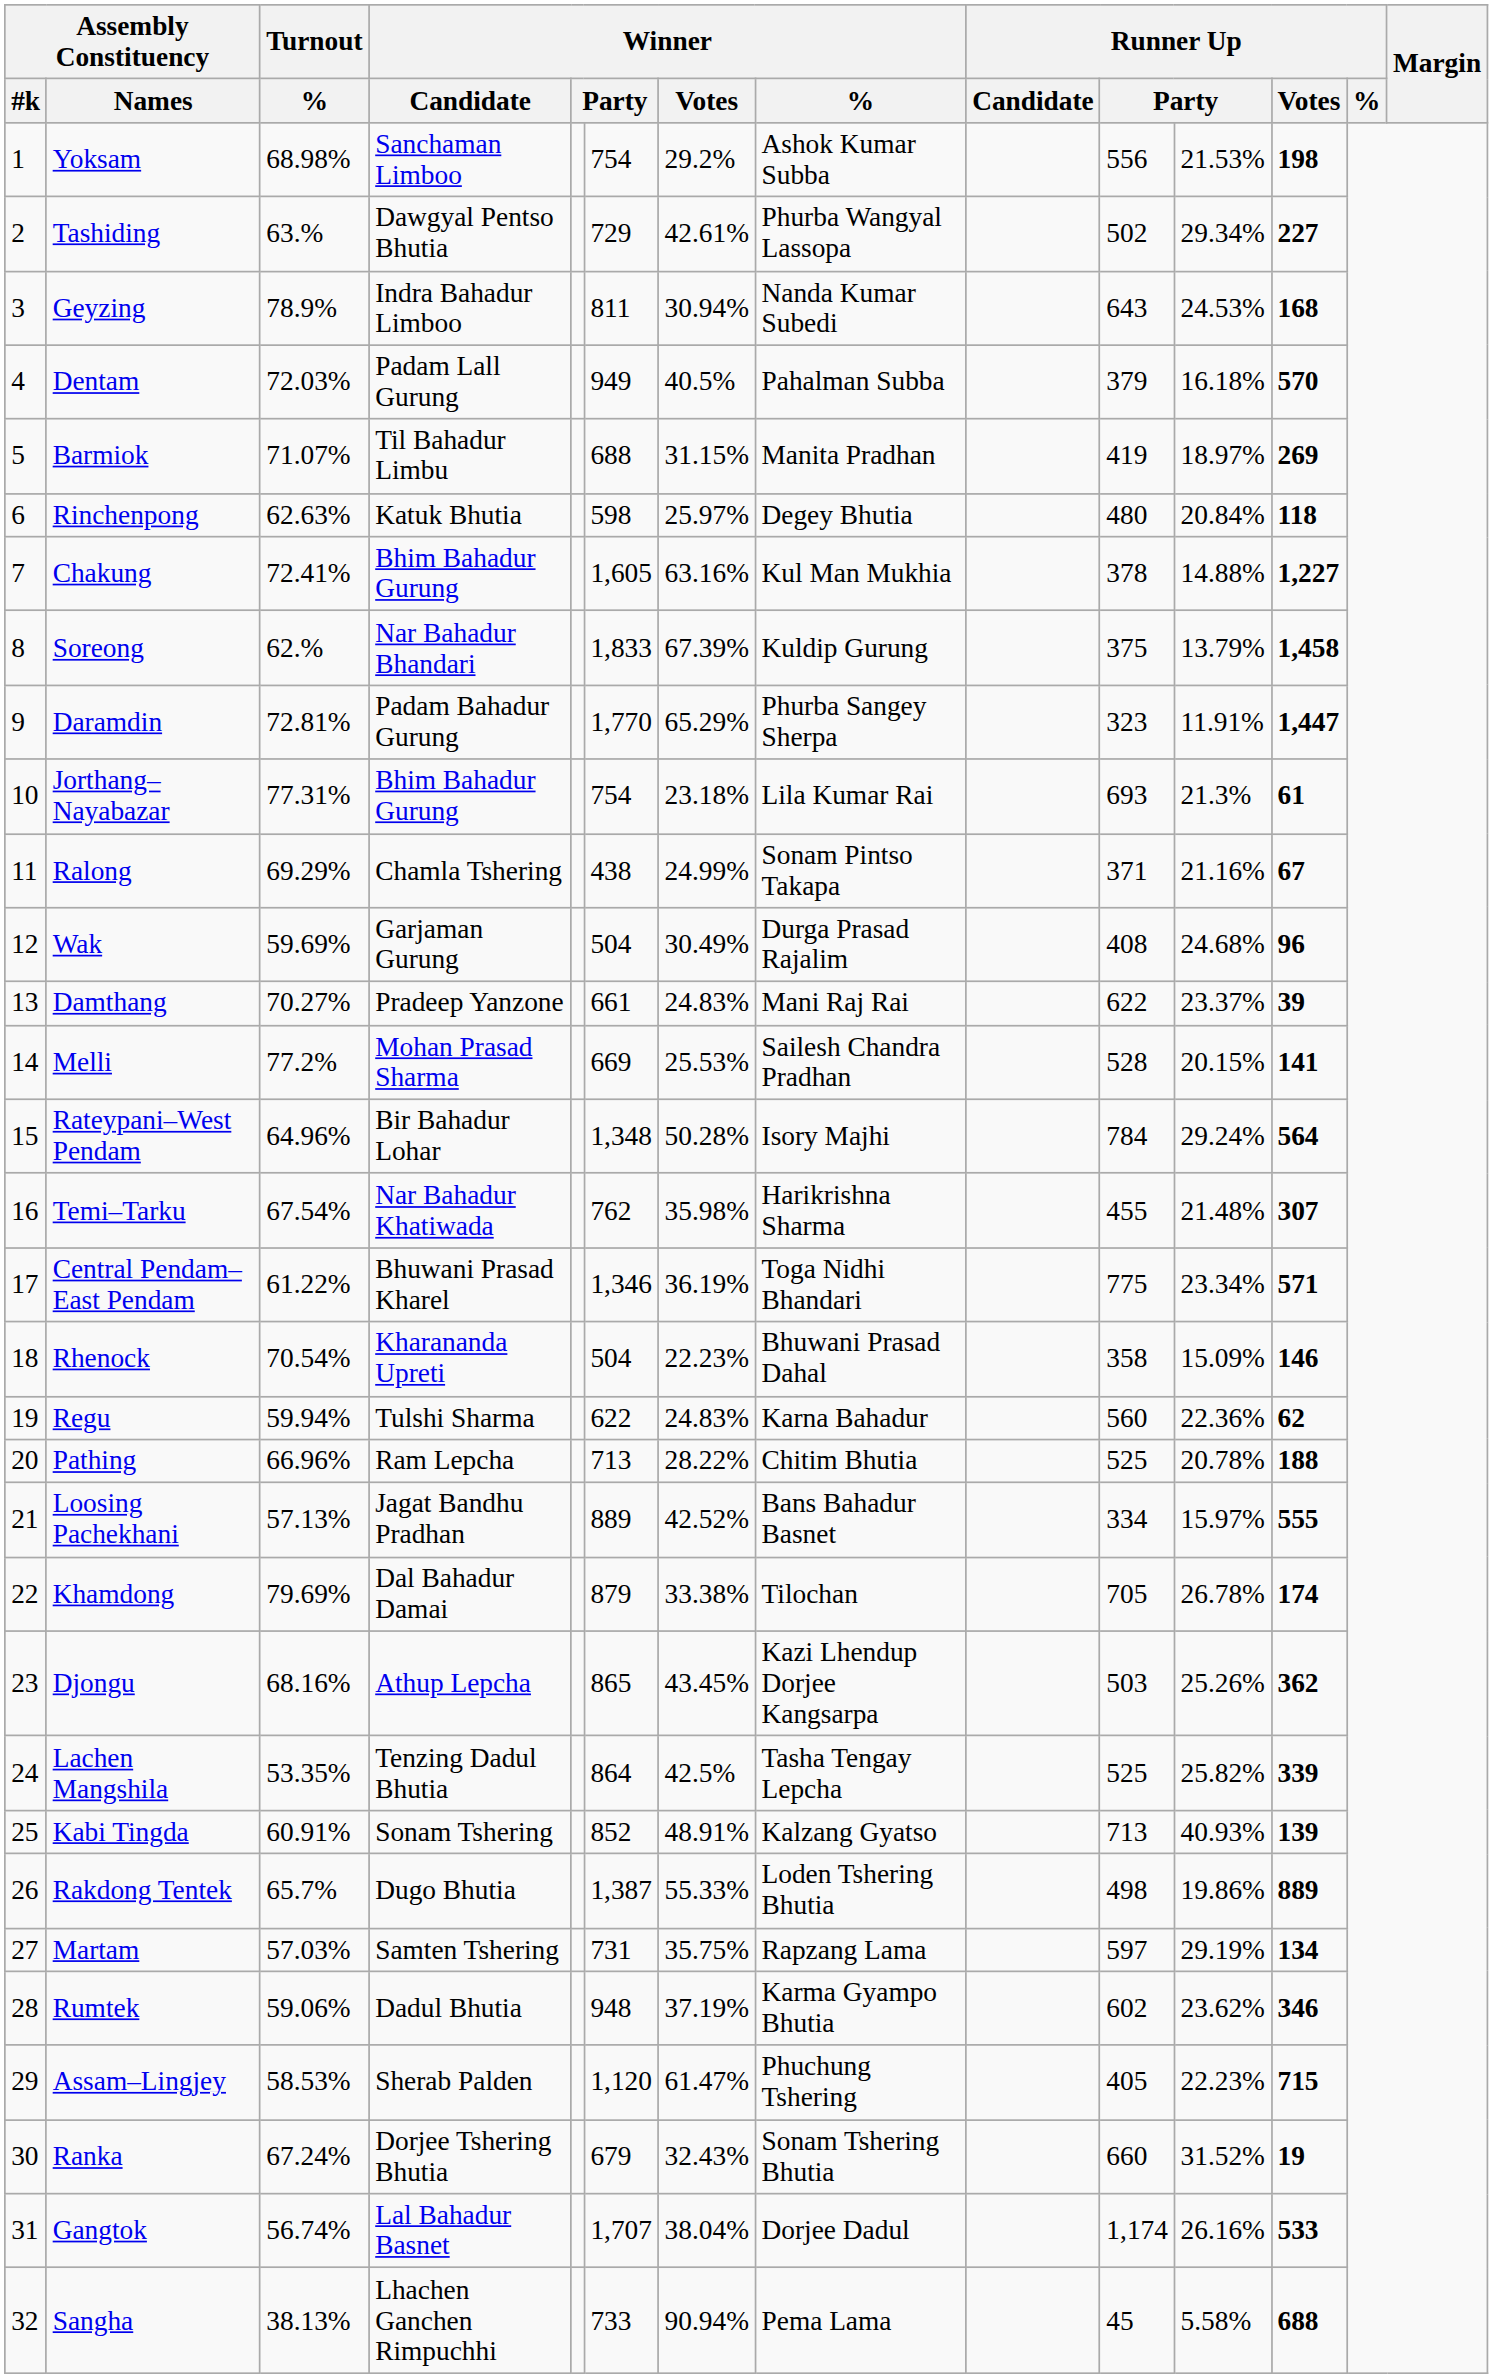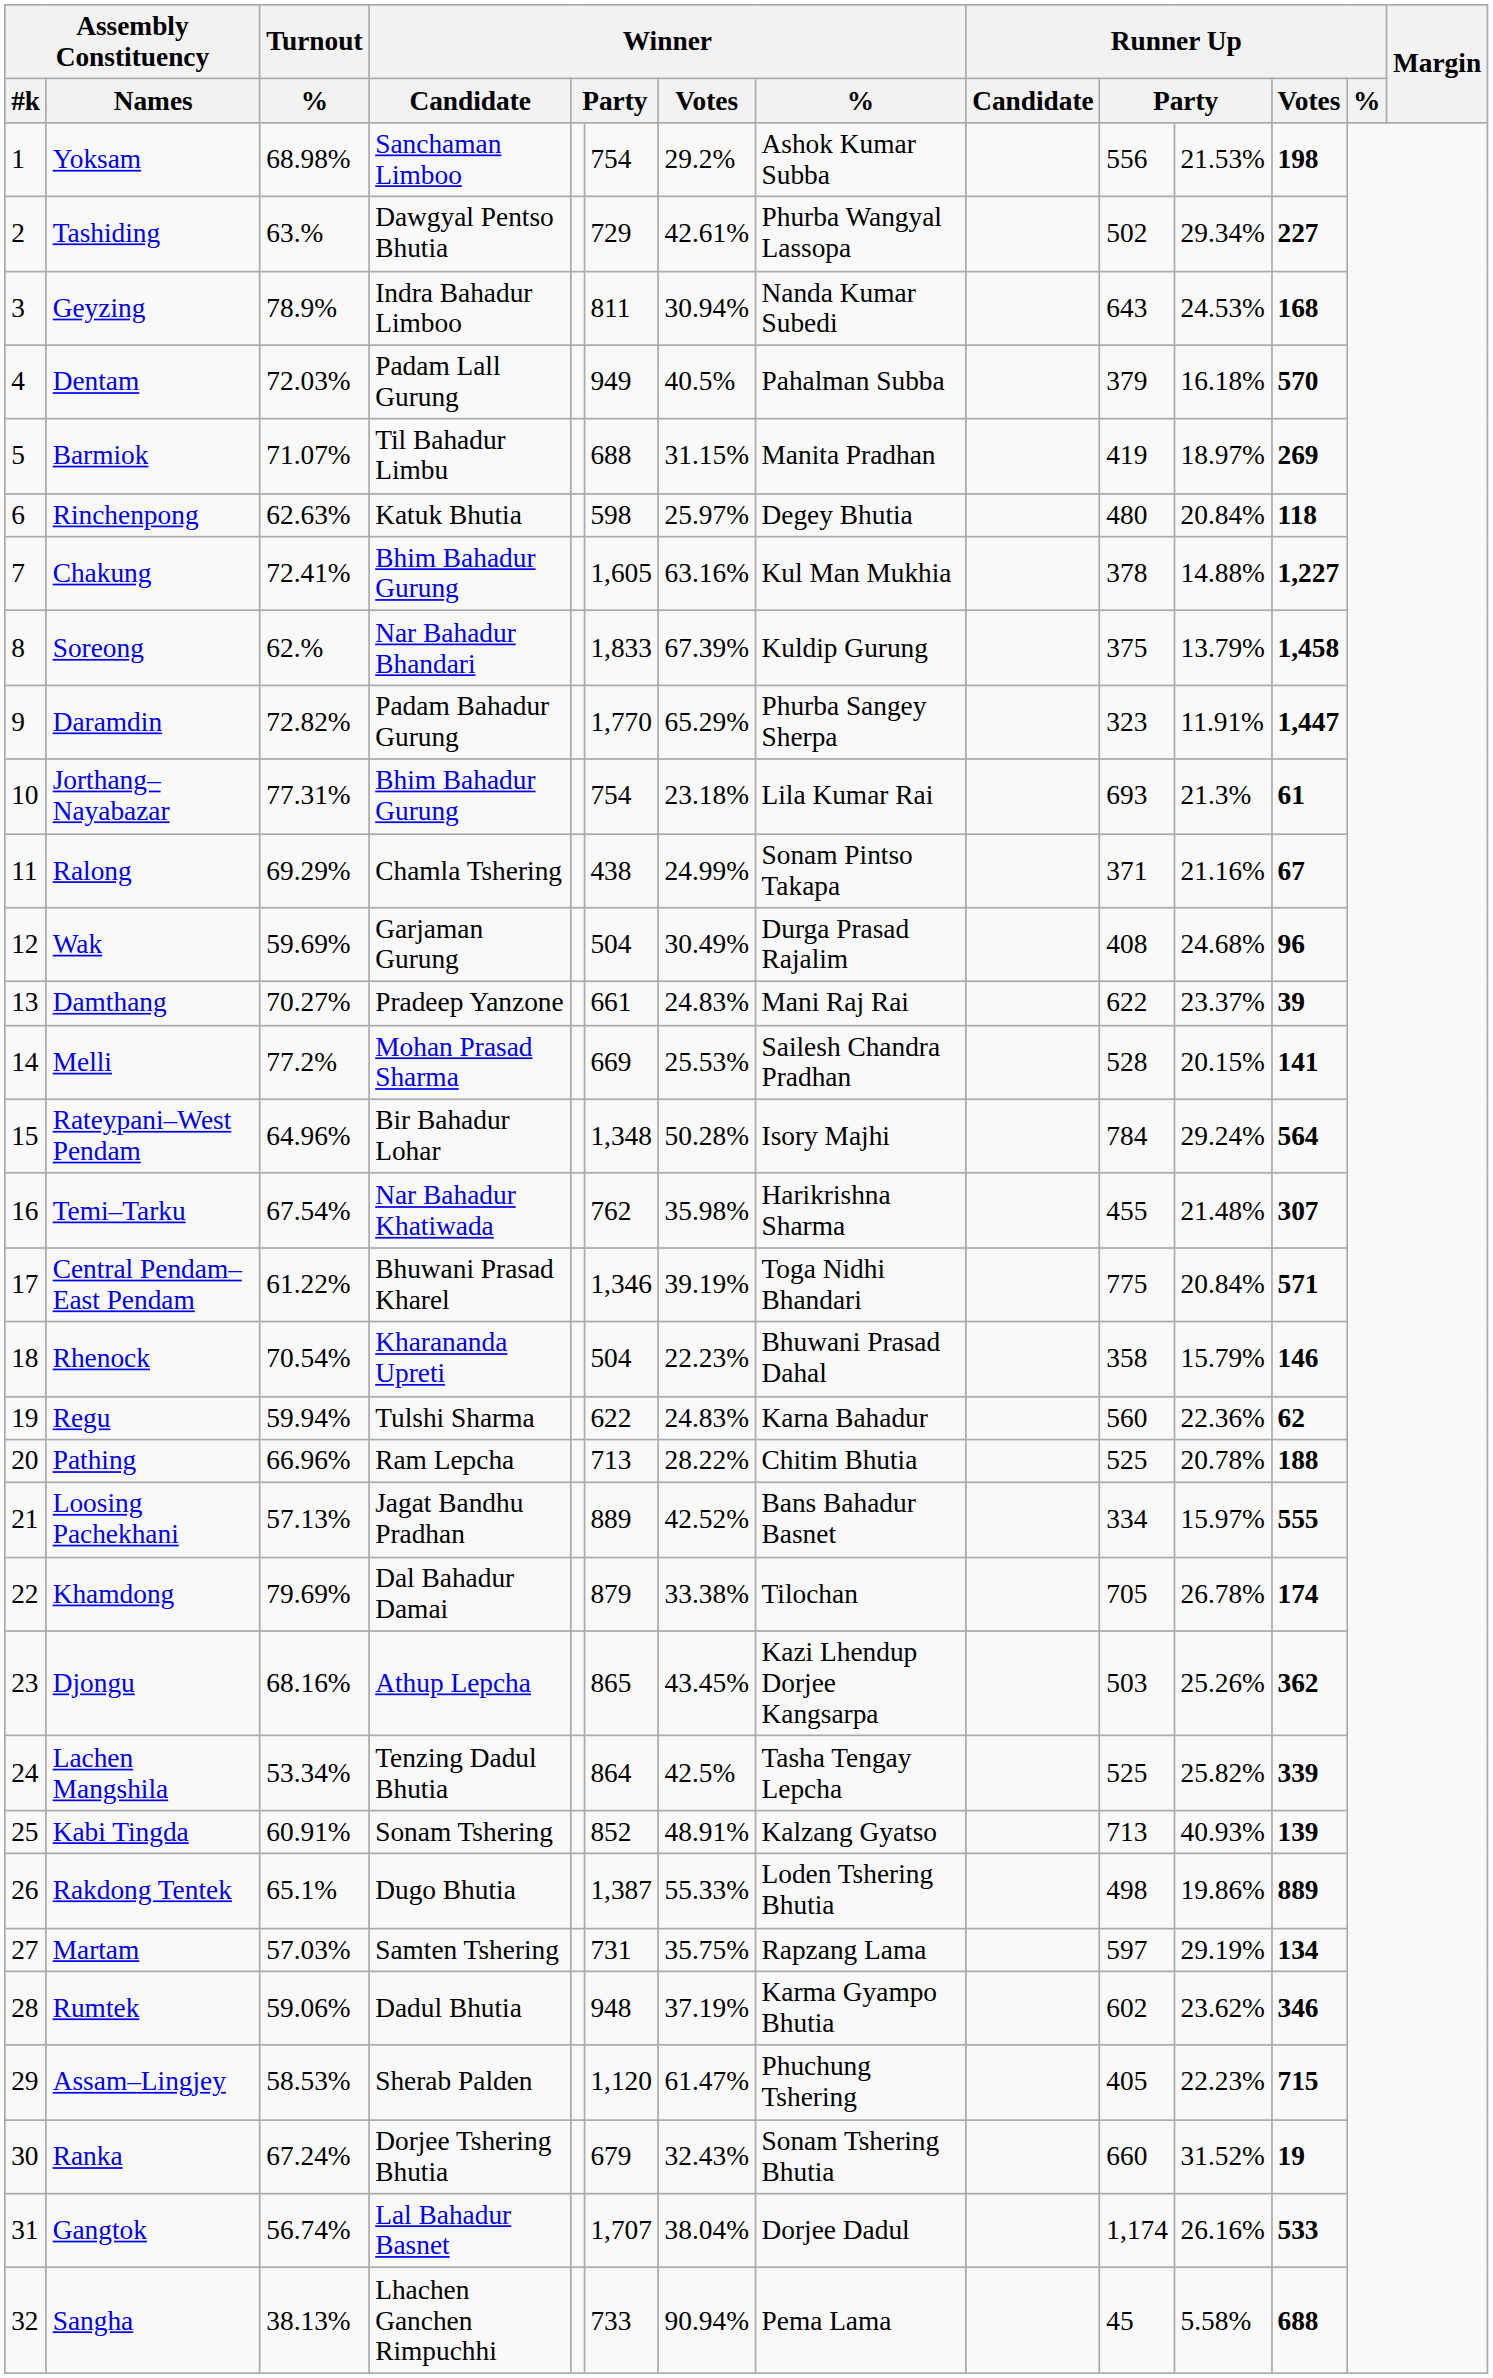 <table class="wikitable sortable">
 <tr>
 <th colspan="2">Assembly Constituency</th>
 <th>Turnout</th>
 <th colspan="5">Winner</th>
 <th colspan="5">Runner Up</th>
 <th rowspan="2" data-sort-type=number>Margin</th>
 </tr>
 <tr>
 <th>#k</th>
 <th>Names</th>
 <th>%</th>
 <th>Candidate</th>
 <th colspan="2">Party</th>
 <th data-sort-type=number>Votes</th>
 <th>%</th>
 <th>Candidate</th>
 <th colspan="2">Party</th>
 <th data-sort-type=number>Votes</th>
 <th>%</th>
 </tr>
 <tr>
 <td>1</td>
 <td><a href='#'>Yoksam</a></td>
 <td>68.98%</td>
 <td><a href='#'>Sanchaman Limboo</a></td>
 <td></td>
 <td>754</td>
 <td>29.2%</td>
 <td>Ashok Kumar Subba</td>
 <td></td>
 <td>556</td>
 <td>21.53%</td>
 <td style="background:"><span><strong>198</strong></span></td>
 </tr>
 <tr>
 <td>2</td>
 <td><a href='#'>Tashiding</a></td>
 <td>63.%</td>
 <td>Dawgyal Pentso Bhutia</td>
 <td></td>
 <td>729</td>
 <td>42.61%</td>
 <td>Phurba Wangyal Lassopa</td>
 <td></td>
 <td>502</td>
 <td>29.34%</td>
 <td style="background:"><span><strong>227</strong></span></td>
 </tr>
 <tr>
 <td>3</td>
 <td><a href='#'>Geyzing</a></td>
 <td>78.9%</td>
 <td>Indra Bahadur Limboo</td>
 <td></td>
 <td>811</td>
 <td>30.94%</td>
 <td>Nanda Kumar Subedi</td>
 <td></td>
 <td>643</td>
 <td>24.53%</td>
 <td style="background:"><span><strong>168</strong></span></td>
 </tr>
 <tr>
 <td>4</td>
 <td><a href='#'>Dentam</a></td>
 <td>72.03%</td>
 <td>Padam Lall Gurung</td>
 <td></td>
 <td>949</td>
 <td>40.5%</td>
 <td>Pahalman Subba</td>
 <td></td>
 <td>379</td>
 <td>16.18%</td>
 <td style="background:"><span><strong>570</strong></span></td>
 </tr>
 <tr>
 <td>5</td>
 <td><a href='#'>Barmiok</a></td>
 <td>71.07%</td>
 <td>Til Bahadur Limbu</td>
 <td></td>
 <td>688</td>
 <td>31.15%</td>
 <td>Manita Pradhan</td>
 <td></td>
 <td>419</td>
 <td>18.97%</td>
 <td style="background:"><span><strong>269</strong></span></td>
 </tr>
 <tr>
 <td>6</td>
 <td><a href='#'>Rinchenpong</a></td>
 <td>62.63%</td>
 <td>Katuk Bhutia</td>
 <td></td>
 <td>598</td>
 <td>25.97%</td>
 <td>Degey Bhutia</td>
 <td></td>
 <td>480</td>
 <td>20.84%</td>
 <td style="background:"><span><strong>118</strong></span></td>
 </tr>
 <tr>
 <td>7</td>
 <td><a href='#'>Chakung</a></td>
 <td>72.41%</td>
 <td><a href='#'>Bhim Bahadur Gurung</a></td>
 <td></td>
 <td>1,605</td>
 <td>63.16%</td>
 <td>Kul Man Mukhia</td>
 <td></td>
 <td>378</td>
 <td>14.88%</td>
 <td style="background:"><span><strong>1,227</strong></span></td>
 </tr>
 <tr>
 <td>8</td>
 <td><a href='#'>Soreong</a></td>
 <td>62.%</td>
 <td><a href='#'>Nar Bahadur Bhandari</a></td>
 <td></td>
 <td>1,833</td>
 <td>67.39%</td>
 <td>Kuldip Gurung</td>
 <td></td>
 <td>375</td>
 <td>13.79%</td>
 <td style="background:"><span><strong>1,458</strong></span></td>
 </tr>
 <tr>
 <td>9</td>
 <td><a href='#'>Daramdin</a></td>
-<td>72.81%</td>
+<td>72.82%</td>
 <td>Padam Bahadur Gurung</td>
 <td></td>
 <td>1,770</td>
 <td>65.29%</td>
 <td>Phurba Sangey Sherpa</td>
 <td></td>
 <td>323</td>
 <td>11.91%</td>
 <td style="background:"><span><strong>1,447</strong></span></td>
 </tr>
 <tr>
 <td>10</td>
 <td><a href='#'>Jorthang–Nayabazar</a></td>
 <td>77.31%</td>
 <td><a href='#'>Bhim Bahadur Gurung</a></td>
 <td></td>
 <td>754</td>
 <td>23.18%</td>
 <td>Lila Kumar Rai</td>
 <td></td>
 <td>693</td>
 <td>21.3%</td>
 <td style="background:"><span><strong>61</strong></span></td>
 </tr>
 <tr>
 <td>11</td>
 <td><a href='#'>Ralong</a></td>
 <td>69.29%</td>
 <td>Chamla Tshering</td>
 <td></td>
 <td>438</td>
 <td>24.99%</td>
 <td>Sonam Pintso Takapa</td>
 <td></td>
 <td>371</td>
 <td>21.16%</td>
 <td style="background:"><span><strong>67</strong></span></td>
 </tr>
 <tr>
 <td>12</td>
 <td><a href='#'>Wak</a></td>
 <td>59.69%</td>
 <td>Garjaman Gurung</td>
 <td></td>
 <td>504</td>
 <td>30.49%</td>
 <td>Durga Prasad Rajalim</td>
 <td></td>
 <td>408</td>
 <td>24.68%</td>
 <td style="background:"><span><strong>96</strong></span></td>
 </tr>
 <tr>
 <td>13</td>
 <td><a href='#'>Damthang</a></td>
 <td>70.27%</td>
 <td>Pradeep Yanzone</td>
 <td></td>
 <td>661</td>
 <td>24.83%</td>
 <td>Mani Raj Rai</td>
 <td></td>
 <td>622</td>
 <td>23.37%</td>
 <td style="background:"><span><strong>39</strong></span></td>
 </tr>
 <tr>
 <td>14</td>
 <td><a href='#'>Melli</a></td>
 <td>77.2%</td>
 <td><a href='#'>Mohan Prasad Sharma</a></td>
 <td></td>
 <td>669</td>
 <td>25.53%</td>
 <td>Sailesh Chandra Pradhan</td>
 <td></td>
 <td>528</td>
 <td>20.15%</td>
 <td style="background:"><span><strong>141</strong></span></td>
 </tr>
 <tr>
 <td>15</td>
 <td><a href='#'>Rateypani–West Pendam</a></td>
 <td>64.96%</td>
 <td>Bir Bahadur Lohar</td>
 <td></td>
 <td>1,348</td>
 <td>50.28%</td>
 <td>Isory Majhi</td>
 <td></td>
 <td>784</td>
 <td>29.24%</td>
 <td style="background:"><span><strong>564</strong></span></td>
 </tr>
 <tr>
 <td>16</td>
 <td><a href='#'>Temi–Tarku</a></td>
 <td>67.54%</td>
 <td><a href='#'>Nar Bahadur Khatiwada</a></td>
 <td></td>
 <td>762</td>
 <td>35.98%</td>
 <td>Harikrishna Sharma</td>
 <td></td>
 <td>455</td>
 <td>21.48%</td>
 <td style="background:"><span><strong>307</strong></span></td>
 </tr>
 <tr>
 <td>17</td>
 <td><a href='#'>Central Pendam–East Pendam</a></td>
 <td>61.22%</td>
 <td>Bhuwani Prasad Kharel</td>
 <td></td>
 <td>1,346</td>
-<td>36.19%</td>
+<td>39.19%</td>
 <td>Toga Nidhi Bhandari</td>
 <td></td>
 <td>775</td>
-<td>23.34%</td>
+<td>20.84%</td>
 <td style="background:"><span><strong>571</strong></span></td>
 </tr>
 <tr>
 <td>18</td>
 <td><a href='#'>Rhenock</a></td>
 <td>70.54%</td>
 <td><a href='#'>Kharananda Upreti</a></td>
 <td></td>
 <td>504</td>
 <td>22.23%</td>
 <td>Bhuwani Prasad Dahal</td>
 <td></td>
 <td>358</td>
-<td>15.09%</td>
+<td>15.79%</td>
 <td style="background:"><span><strong>146</strong></span></td>
 </tr>
 <tr>
 <td>19</td>
 <td><a href='#'>Regu</a></td>
 <td>59.94%</td>
 <td>Tulshi Sharma</td>
 <td></td>
 <td>622</td>
 <td>24.83%</td>
 <td>Karna Bahadur</td>
 <td></td>
 <td>560</td>
 <td>22.36%</td>
 <td style="background:"><span><strong>62</strong></span></td>
 </tr>
 <tr>
 <td>20</td>
 <td><a href='#'>Pathing</a></td>
 <td>66.96%</td>
 <td>Ram Lepcha</td>
 <td></td>
 <td>713</td>
 <td>28.22%</td>
 <td>Chitim Bhutia</td>
 <td></td>
 <td>525</td>
 <td>20.78%</td>
 <td style="background:"><span><strong>188</strong></span></td>
 </tr>
 <tr>
 <td>21</td>
 <td><a href='#'>Loosing Pachekhani</a></td>
 <td>57.13%</td>
 <td>Jagat Bandhu Pradhan</td>
 <td></td>
 <td>889</td>
 <td>42.52%</td>
 <td>Bans Bahadur Basnet</td>
 <td></td>
 <td>334</td>
 <td>15.97%</td>
 <td style="background:"><span><strong>555</strong></span></td>
 </tr>
 <tr>
 <td>22</td>
 <td><a href='#'>Khamdong</a></td>
 <td>79.69%</td>
 <td>Dal Bahadur Damai</td>
 <td></td>
 <td>879</td>
 <td>33.38%</td>
 <td>Tilochan</td>
 <td></td>
 <td>705</td>
 <td>26.78%</td>
 <td style="background:"><span><strong>174</strong></span></td>
 </tr>
 <tr>
 <td>23</td>
 <td><a href='#'>Djongu</a></td>
 <td>68.16%</td>
 <td><a href='#'>Athup Lepcha</a></td>
 <td></td>
 <td>865</td>
 <td>43.45%</td>
 <td>Kazi Lhendup Dorjee Kangsarpa</td>
 <td></td>
 <td>503</td>
 <td>25.26%</td>
 <td style="background:"><span><strong>362</strong></span></td>
 </tr>
 <tr>
 <td>24</td>
 <td><a href='#'>Lachen Mangshila</a></td>
-<td>53.35%</td>
+<td>53.34%</td>
 <td>Tenzing Dadul Bhutia</td>
 <td></td>
 <td>864</td>
 <td>42.5%</td>
 <td>Tasha Tengay Lepcha</td>
 <td></td>
 <td>525</td>
 <td>25.82%</td>
 <td style="background:"><span><strong>339</strong></span></td>
 </tr>
 <tr>
 <td>25</td>
 <td><a href='#'>Kabi Tingda</a></td>
 <td>60.91%</td>
 <td>Sonam Tshering</td>
 <td></td>
 <td>852</td>
 <td>48.91%</td>
 <td>Kalzang Gyatso</td>
 <td></td>
 <td>713</td>
 <td>40.93%</td>
 <td style="background:"><span><strong>139</strong></span></td>
 </tr>
 <tr>
 <td>26</td>
 <td><a href='#'>Rakdong Tentek</a></td>
-<td>65.7%</td>
+<td>65.1%</td>
 <td>Dugo Bhutia</td>
 <td></td>
 <td>1,387</td>
 <td>55.33%</td>
 <td>Loden Tshering  Bhutia</td>
 <td></td>
 <td>498</td>
 <td>19.86%</td>
 <td style="background:"><span><strong>889</strong></span></td>
 </tr>
 <tr>
 <td>27</td>
 <td><a href='#'>Martam</a></td>
 <td>57.03%</td>
 <td>Samten Tshering</td>
 <td></td>
 <td>731</td>
 <td>35.75%</td>
 <td>Rapzang Lama</td>
 <td></td>
 <td>597</td>
 <td>29.19%</td>
 <td style="background:"><span><strong>134</strong></span></td>
 </tr>
 <tr>
 <td>28</td>
 <td><a href='#'>Rumtek</a></td>
 <td>59.06%</td>
 <td>Dadul Bhutia</td>
 <td></td>
 <td>948</td>
 <td>37.19%</td>
 <td>Karma Gyampo Bhutia</td>
 <td></td>
 <td>602</td>
 <td>23.62%</td>
 <td style="background:"><span><strong>346</strong></span></td>
 </tr>
 <tr>
 <td>29</td>
 <td><a href='#'>Assam–Lingjey</a></td>
 <td>58.53%</td>
 <td>Sherab Palden</td>
 <td></td>
 <td>1,120</td>
 <td>61.47%</td>
 <td>Phuchung Tshering</td>
 <td></td>
 <td>405</td>
 <td>22.23%</td>
 <td style="background:"><span><strong>715</strong></span></td>
 </tr>
 <tr>
 <td>30</td>
 <td><a href='#'>Ranka</a></td>
 <td>67.24%</td>
 <td>Dorjee Tshering Bhutia</td>
 <td></td>
 <td>679</td>
 <td>32.43%</td>
 <td>Sonam Tshering Bhutia</td>
 <td></td>
 <td>660</td>
 <td>31.52%</td>
 <td style="background:"><span><strong>19</strong></span></td>
 </tr>
 <tr>
 <td>31</td>
 <td><a href='#'>Gangtok</a></td>
 <td>56.74%</td>
 <td><a href='#'>Lal Bahadur Basnet</a></td>
 <td></td>
 <td>1,707</td>
 <td>38.04%</td>
 <td>Dorjee Dadul</td>
 <td></td>
 <td>1,174</td>
 <td>26.16%</td>
 <td style="background:"><span><strong>533</strong></span></td>
 </tr>
 <tr>
 <td>32</td>
 <td><a href='#'>Sangha</a></td>
 <td>38.13%</td>
 <td>Lhachen Ganchen Rimpuchhi</td>
 <td></td>
 <td>733</td>
 <td>90.94%</td>
 <td>Pema Lama</td>
 <td></td>
 <td>45</td>
 <td>5.58%</td>
 <td style="background:"><span><strong>688</strong></span></td>
 </tr>
 </table>
